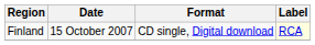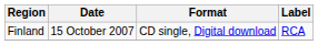 <table class=wikitable>
 <tr>
 <th>Region</th>
 <th>Date</th>
 <th>Format</th>
 <th>Label</th>
 </tr>
 <tr>
 <td>Finland</td>
 <td>15 October 2007</td>
 <td>CD single, <a href='#'>Digital download</a></td>
-<td style="background: lightyellow;"><a href='#'>RCA</a></td>
+<td><a href='#'>RCA</a></td>
 </tr>
 <tr>
 </tr>
 </table>
